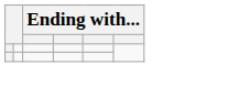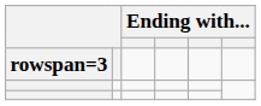 <table class="wikitable">
 <tr>
 <th colspan=2 rowspan=2></th>
 <th colspan=4>Ending with...</th>
 </tr>
 <tr>
 <th></th>
 <th></th>
 <th></th>
 <th></th>
+</tr>
+<tr>
+<th>rowspan=3 </th>
+<th></th>
+<td></td>
+<td></td>
+<td></td>
+<td></td>
 </tr>
 <tr>
 <th></th>
 <td></td>
 <td></td>
 <td></td>
 <td></td>
 </tr>
 <tr>
 <th></th>
 <td></td>
 <td></td>
 <td></td>
 <td></td>
 </tr>
 </table>
